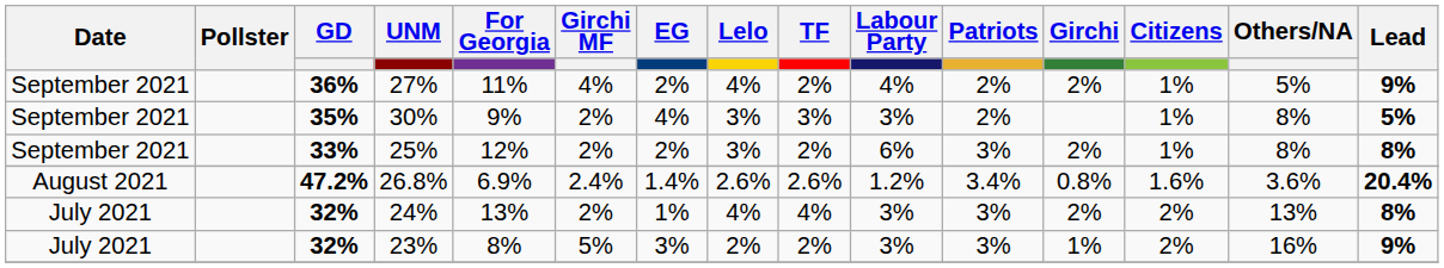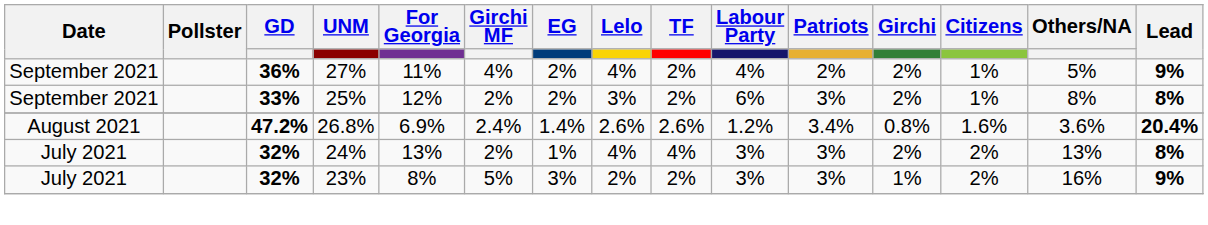 <table class="wikitable" style="text-align:center; font-size:100%; line-height:14px;">
 <tr style="background-color:#E9E9E9">
 <th rowspan=2>Date</th>
 <th rowspan=2>Pollster</th>
 <th width=40px><a href='#'>GD</a></th>
 <th width=40px><a href='#'>UNM</a></th>
 <th width=40px><a href='#'>For Georgia</a></th>
 <th width=40px><a href='#'>Girchi MF</a></th>
 <th width=40px><a href='#'>EG</a></th>
 <th width=40px><a href='#'>Lelo</a></th>
 <th width=40px><a href='#'>TF</a></th>
 <th width=40px><a href='#'>Labour Party</a></th>
 <th width=40px><a href='#'>Patriots</a></th>
 <th width=40px><a href='#'>Girchi</a></th>
 <th width=40px><a href='#'>Citizens</a></th>
 <th>Others/NA</th>
 <th style="width:20px;" rowspan="2">Lead</th>
 </tr>
 <tr>
 <th style="background:"></th>
 <th style="background:#8B0000"></th>
 <th style="background:#702F92"></th>
 <th style="background:"></th>
 <th style="background:#003C7B"></th>
 <th style="background:#fad406"></th>
 <th style="background:#ff0000"></th>
 <th style="background:#16166b"></th>
 <th style="background:#e7b031"></th>
 <th style="background:#327F37"></th>
 <th style="background:#8bc53e"></th>
 <th></th>
 </tr>
 <tr>
 <td>September  2021</td>
 <td></td>
 <td><strong>36%</strong></td>
 <td>27%</td>
 <td>11%</td>
 <td>4%</td>
 <td>2%</td>
 <td>4%</td>
 <td>2%</td>
 <td>4%</td>
 <td>2%</td>
 <td>2%</td>
 <td>1%</td>
 <td>5%</td>
 <td style="background:"><strong>9%</strong></td>
-</tr>
-<tr>
-<td>September  2021</td>
-<td></td>
-<td><strong>35%</strong></td>
-<td>30%</td>
-<td>9%</td>
-<td>2%</td>
-<td>4%</td>
-<td>3%</td>
-<td>3%</td>
-<td>3%</td>
-<td>2%</td>
-<td></td>
-<td>1%</td>
-<td>8%</td>
-<td style="background:"><strong>5%</strong></td>
 </tr>
 <tr>
 <td>September  2021</td>
 <td></td>
 <td><strong>33%</strong></td>
 <td>25%</td>
 <td>12%</td>
 <td>2%</td>
 <td>2%</td>
 <td>3%</td>
 <td>2%</td>
 <td>6%</td>
 <td>3%</td>
 <td>2%</td>
 <td>1%</td>
 <td>8%</td>
 <td style="background:"><strong>8%</strong></td>
 </tr>
 <tr>
 </tr>
 <tr>
 <td>August  2021</td>
 <td> </td>
 <td><strong>47.2%</strong></td>
 <td>26.8%</td>
 <td>6.9%</td>
 <td>2.4%</td>
 <td>1.4%</td>
 <td>2.6%</td>
 <td>2.6%</td>
 <td>1.2%</td>
 <td>3.4%</td>
 <td>0.8%</td>
 <td>1.6%</td>
 <td>3.6%</td>
 <td style="background:"><strong>20.4%</strong></td>
 </tr>
 <tr>
 <td>July 2021</td>
 <td></td>
 <td><strong>32%</strong></td>
 <td>24%</td>
 <td>13%</td>
 <td>2%</td>
 <td>1%</td>
 <td>4%</td>
 <td>4%</td>
 <td>3%</td>
 <td>3%</td>
 <td>2%</td>
 <td>2%</td>
 <td>13%</td>
 <td style="background:"><strong>8%</strong></td>
 </tr>
 <tr>
 <td>July 2021</td>
 <td></td>
 <td><strong>32%</strong></td>
 <td>23%</td>
 <td>8%</td>
 <td>5%</td>
 <td>3%</td>
 <td>2%</td>
 <td>2%</td>
 <td>3%</td>
 <td>3%</td>
 <td>1%</td>
 <td>2%</td>
 <td>16%</td>
 <td style="background:"><strong>9%</strong></td>
 </tr>
 <tr>
 </tr>
 </table>
